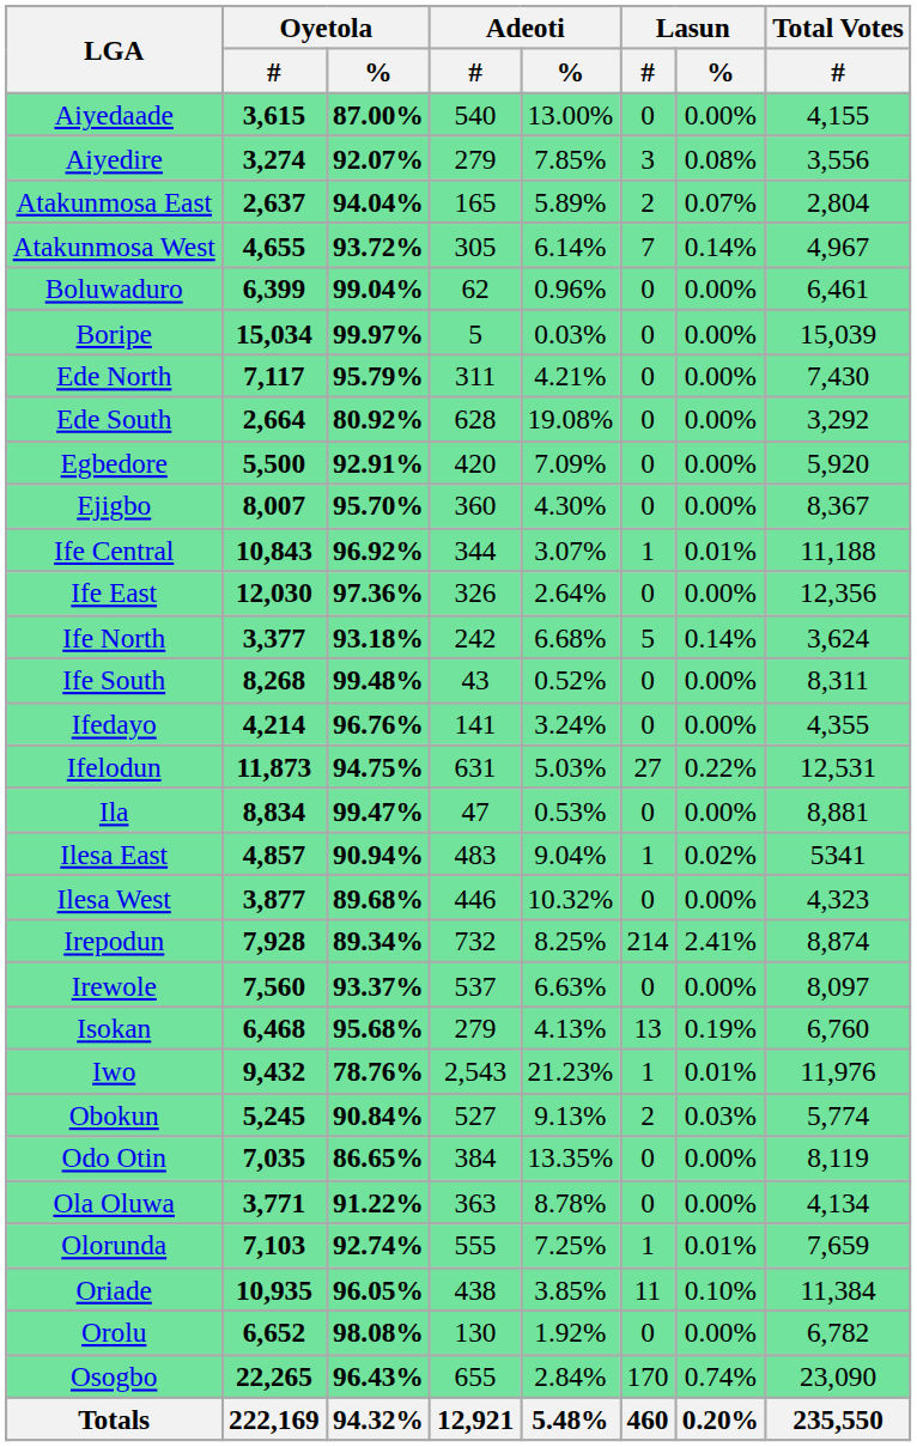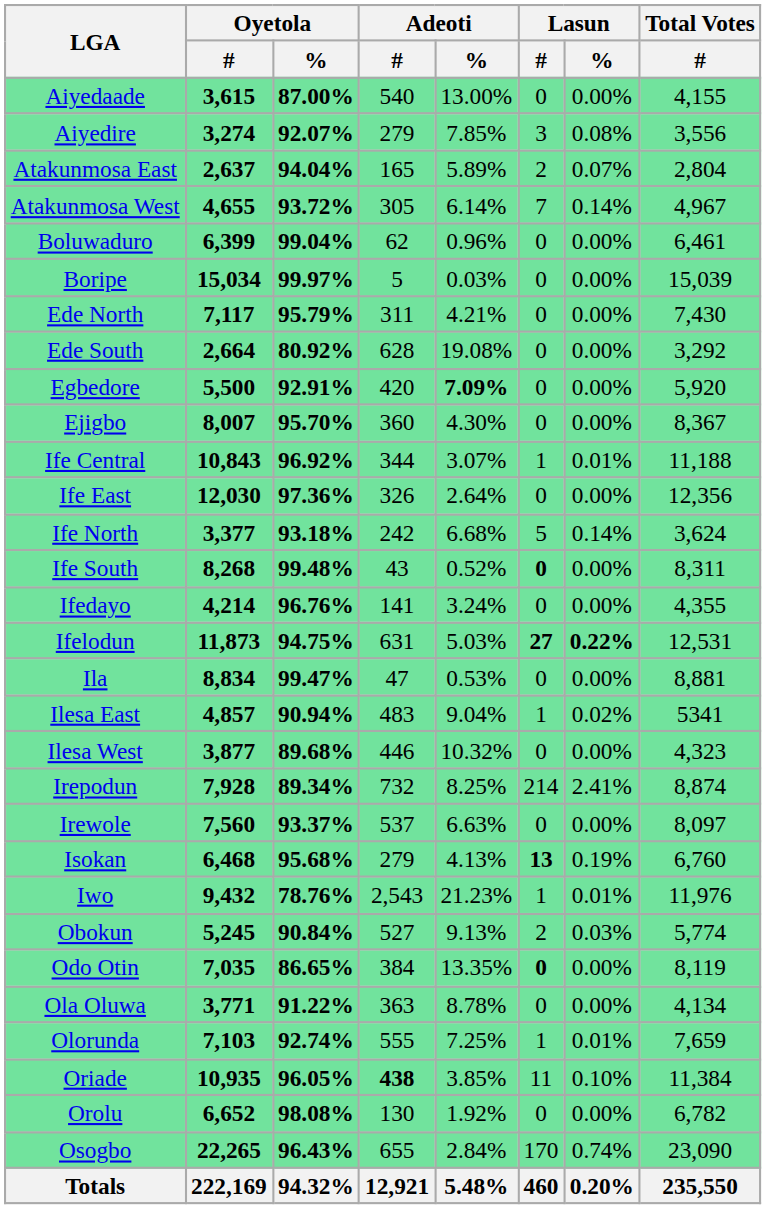 <table class="wikitable sortable" style=" font-size: 70%">
 <tr>
 <th rowspan="2">LGA</th>
 <th colspan="2">Oyetola</th>
 <th colspan="2">Adeoti</th>
 <th colspan="2">Lasun</th>
 <th>Total Votes</th>
 </tr>
 <tr>
 <th>#</th>
 <th>%</th>
 <th>#</th>
 <th>%</th>
 <th>#</th>
 <th>%</th>
 <th>#</th>
 </tr>
 <tr>
 <td bgcolor=#71e39d align="center"><a href='#'>Aiyedaade</a></td>
 <td bgcolor=#71e39d align="center"><strong>3,615</strong></td>
 <td bgcolor=#71e39d align="center"><strong>87.00%</strong></td>
 <td bgcolor=#71e39d align="center">540</td>
 <td bgcolor=#71e39d align="center">13.00%</td>
 <td bgcolor=#71e39d align="center">0</td>
 <td bgcolor=#71e39d align="center">0.00%</td>
 <td bgcolor=#71e39d align="center">4,155</td>
 </tr>
 <tr>
 <td bgcolor=#71e39d align="center"><a href='#'>Aiyedire</a></td>
 <td bgcolor=#71e39d align="center"><strong>3,274</strong></td>
 <td bgcolor=#71e39d align="center"><strong>92.07%</strong></td>
 <td bgcolor=#71e39d align="center">279</td>
 <td bgcolor=#71e39d align="center">7.85%</td>
 <td bgcolor=#71e39d align="center">3</td>
 <td bgcolor=#71e39d align="center">0.08%</td>
 <td bgcolor=#71e39d align="center">3,556</td>
 </tr>
 <tr>
 <td bgcolor=#71e39d align="center"><a href='#'>Atakunmosa East</a></td>
 <td bgcolor=#71e39d align="center"><strong>2,637</strong></td>
 <td bgcolor=#71e39d align="center"><strong>94.04%</strong></td>
 <td bgcolor=#71e39d align="center">165</td>
 <td bgcolor=#71e39d align="center">5.89%</td>
 <td bgcolor=#71e39d align="center">2</td>
 <td bgcolor=#71e39d align="center">0.07%</td>
 <td bgcolor=#71e39d align="center">2,804</td>
 </tr>
 <tr>
 <td bgcolor=#71e39d align="center"><a href='#'>Atakunmosa West</a></td>
 <td bgcolor=#71e39d align="center"><strong>4,655</strong></td>
 <td bgcolor=#71e39d align="center"><strong>93.72%</strong></td>
 <td bgcolor=#71e39d align="center">305</td>
 <td bgcolor=#71e39d align="center">6.14%</td>
 <td bgcolor=#71e39d align="center">7</td>
 <td bgcolor=#71e39d align="center">0.14%</td>
 <td bgcolor=#71e39d align="center">4,967</td>
 </tr>
 <tr>
 <td bgcolor=#71e39d align="center"><a href='#'>Boluwaduro</a></td>
 <td bgcolor=#71e39d align="center"><strong>6,399</strong></td>
 <td bgcolor=#71e39d align="center"><strong>99.04%</strong></td>
 <td bgcolor=#71e39d align="center">62</td>
 <td bgcolor=#71e39d align="center">0.96%</td>
 <td bgcolor=#71e39d align="center">0</td>
 <td bgcolor=#71e39d align="center">0.00%</td>
 <td bgcolor=#71e39d align="center">6,461</td>
 </tr>
 <tr>
 <td bgcolor=#71e39d align="center"><a href='#'>Boripe</a></td>
 <td bgcolor=#71e39d align="center"><strong>15,034</strong></td>
 <td bgcolor=#71e39d align="center"><strong>99.97%</strong></td>
 <td bgcolor=#71e39d align="center">5</td>
 <td bgcolor=#71e39d align="center">0.03%</td>
 <td bgcolor=#71e39d align="center">0</td>
 <td bgcolor=#71e39d align="center">0.00%</td>
 <td bgcolor=#71e39d align="center">15,039</td>
 </tr>
 <tr>
 <td bgcolor=#71e39d align="center"><a href='#'>Ede North</a></td>
 <td bgcolor=#71e39d align="center"><strong>7,117</strong></td>
 <td bgcolor=#71e39d align="center"><strong>95.79%</strong></td>
 <td bgcolor=#71e39d align="center">311</td>
 <td bgcolor=#71e39d align="center">4.21%</td>
 <td bgcolor=#71e39d align="center">0</td>
 <td bgcolor=#71e39d align="center">0.00%</td>
 <td bgcolor=#71e39d align="center">7,430</td>
 </tr>
 <tr>
 <td bgcolor=#71e39d align="center"><a href='#'>Ede South</a></td>
 <td bgcolor=#71e39d align="center"><strong>2,664</strong></td>
 <td bgcolor=#71e39d align="center"><strong>80.92%</strong></td>
 <td bgcolor=#71e39d align="center">628</td>
 <td bgcolor=#71e39d align="center">19.08%</td>
 <td bgcolor=#71e39d align="center">0</td>
 <td bgcolor=#71e39d align="center">0.00%</td>
 <td bgcolor=#71e39d align="center">3,292</td>
 </tr>
 <tr>
 <td bgcolor=#71e39d align="center"><a href='#'>Egbedore</a></td>
 <td bgcolor=#71e39d align="center"><strong>5,500</strong></td>
 <td bgcolor=#71e39d align="center"><strong>92.91%</strong></td>
 <td bgcolor=#71e39d align="center">420</td>
-<td bgcolor=#71e39d align="center">7.09%</td>
+<td bgcolor=#71e39d align="center"><strong>7.09%</strong></td>
 <td bgcolor=#71e39d align="center">0</td>
 <td bgcolor=#71e39d align="center">0.00%</td>
 <td bgcolor=#71e39d align="center">5,920</td>
 </tr>
 <tr>
 <td bgcolor=#71e39d align="center"><a href='#'>Ejigbo</a></td>
 <td bgcolor=#71e39d align="center"><strong>8,007</strong></td>
 <td bgcolor=#71e39d align="center"><strong>95.70%</strong></td>
 <td bgcolor=#71e39d align="center">360</td>
 <td bgcolor=#71e39d align="center">4.30%</td>
 <td bgcolor=#71e39d align="center">0</td>
 <td bgcolor=#71e39d align="center">0.00%</td>
 <td bgcolor=#71e39d align="center">8,367</td>
 </tr>
 <tr>
 <td bgcolor=#71e39d align="center"><a href='#'>Ife Central</a></td>
 <td bgcolor=#71e39d align="center"><strong>10,843</strong></td>
 <td bgcolor=#71e39d align="center"><strong>96.92%</strong></td>
 <td bgcolor=#71e39d align="center">344</td>
 <td bgcolor=#71e39d align="center">3.07%</td>
 <td bgcolor=#71e39d align="center">1</td>
 <td bgcolor=#71e39d align="center">0.01%</td>
 <td bgcolor=#71e39d align="center">11,188</td>
 </tr>
 <tr>
 <td bgcolor=#71e39d align="center"><a href='#'>Ife East</a></td>
 <td bgcolor=#71e39d align="center"><strong>12,030</strong></td>
 <td bgcolor=#71e39d align="center"><strong>97.36%</strong></td>
 <td bgcolor=#71e39d align="center">326</td>
 <td bgcolor=#71e39d align="center">2.64%</td>
 <td bgcolor=#71e39d align="center">0</td>
 <td bgcolor=#71e39d align="center">0.00%</td>
 <td bgcolor=#71e39d align="center">12,356</td>
 </tr>
 <tr>
 <td bgcolor=#71e39d align="center"><a href='#'>Ife North</a></td>
 <td bgcolor=#71e39d align="center"><strong>3,377</strong></td>
 <td bgcolor=#71e39d align="center"><strong>93.18%</strong></td>
 <td bgcolor=#71e39d align="center">242</td>
 <td bgcolor=#71e39d align="center">6.68%</td>
 <td bgcolor=#71e39d align="center">5</td>
 <td bgcolor=#71e39d align="center">0.14%</td>
 <td bgcolor=#71e39d align="center">3,624</td>
 </tr>
 <tr>
 <td bgcolor=#71e39d align="center"><a href='#'>Ife South</a></td>
 <td bgcolor=#71e39d align="center"><strong>8,268</strong></td>
 <td bgcolor=#71e39d align="center"><strong>99.48%</strong></td>
 <td bgcolor=#71e39d align="center">43</td>
 <td bgcolor=#71e39d align="center">0.52%</td>
-<td bgcolor=#71e39d align="center">0</td>
+<td bgcolor=#71e39d align="center"><strong>0</strong></td>
 <td bgcolor=#71e39d align="center">0.00%</td>
 <td bgcolor=#71e39d align="center">8,311</td>
 </tr>
 <tr>
 <td bgcolor=#71e39d align="center"><a href='#'>Ifedayo</a></td>
 <td bgcolor=#71e39d align="center"><strong>4,214</strong></td>
 <td bgcolor=#71e39d align="center"><strong>96.76%</strong></td>
 <td bgcolor=#71e39d align="center">141</td>
 <td bgcolor=#71e39d align="center">3.24%</td>
 <td bgcolor=#71e39d align="center">0</td>
 <td bgcolor=#71e39d align="center">0.00%</td>
 <td bgcolor=#71e39d align="center">4,355</td>
 </tr>
 <tr>
 <td bgcolor=#71e39d align="center"><a href='#'>Ifelodun</a></td>
 <td bgcolor=#71e39d align="center"><strong>11,873</strong></td>
 <td bgcolor=#71e39d align="center"><strong>94.75%</strong></td>
 <td bgcolor=#71e39d align="center">631</td>
 <td bgcolor=#71e39d align="center">5.03%</td>
-<td bgcolor=#71e39d align="center">27</td>
-<td bgcolor=#71e39d align="center">0.22%</td>
+<td bgcolor=#71e39d align="center"><strong>27</strong></td>
+<td bgcolor=#71e39d align="center"><strong>0.22%</strong></td>
 <td bgcolor=#71e39d align="center">12,531</td>
 </tr>
 <tr>
 <td bgcolor=#71e39d align="center"><a href='#'>Ila</a></td>
 <td bgcolor=#71e39d align="center"><strong>8,834</strong></td>
 <td bgcolor=#71e39d align="center"><strong>99.47%</strong></td>
 <td bgcolor=#71e39d align="center">47</td>
 <td bgcolor=#71e39d align="center">0.53%</td>
 <td bgcolor=#71e39d align="center">0</td>
 <td bgcolor=#71e39d align="center">0.00%</td>
 <td bgcolor=#71e39d align="center">8,881</td>
 </tr>
 <tr>
 <td bgcolor=#71e39d align="center"><a href='#'>Ilesa East</a></td>
 <td bgcolor=#71e39d align="center"><strong>4,857</strong></td>
 <td bgcolor=#71e39d align="center"><strong>90.94%</strong></td>
 <td bgcolor=#71e39d align="center">483</td>
 <td bgcolor=#71e39d align="center">9.04%</td>
 <td bgcolor=#71e39d align="center">1</td>
 <td bgcolor=#71e39d align="center">0.02%</td>
 <td bgcolor=#71e39d align="center">5341</td>
 </tr>
 <tr>
 <td bgcolor=#71e39d align="center"><a href='#'>Ilesa West</a></td>
 <td bgcolor=#71e39d align="center"><strong>3,877</strong></td>
 <td bgcolor=#71e39d align="center"><strong>89.68%</strong></td>
 <td bgcolor=#71e39d align="center">446</td>
 <td bgcolor=#71e39d align="center">10.32%</td>
 <td bgcolor=#71e39d align="center">0</td>
 <td bgcolor=#71e39d align="center">0.00%</td>
 <td bgcolor=#71e39d align="center">4,323</td>
 </tr>
 <tr>
 <td bgcolor=#71e39d align="center"><a href='#'>Irepodun</a></td>
 <td bgcolor=#71e39d align="center"><strong>7,928</strong></td>
 <td bgcolor=#71e39d align="center"><strong>89.34%</strong></td>
 <td bgcolor=#71e39d align="center">732</td>
 <td bgcolor=#71e39d align="center">8.25%</td>
 <td bgcolor=#71e39d align="center">214</td>
 <td bgcolor=#71e39d align="center">2.41%</td>
 <td bgcolor=#71e39d align="center">8,874</td>
 </tr>
 <tr>
 <td bgcolor=#71e39d align="center"><a href='#'>Irewole</a></td>
 <td bgcolor=#71e39d align="center"><strong>7,560</strong></td>
 <td bgcolor=#71e39d align="center"><strong>93.37%</strong></td>
 <td bgcolor=#71e39d align="center">537</td>
 <td bgcolor=#71e39d align="center">6.63%</td>
 <td bgcolor=#71e39d align="center">0</td>
 <td bgcolor=#71e39d align="center">0.00%</td>
 <td bgcolor=#71e39d align="center">8,097</td>
 </tr>
 <tr>
 <td bgcolor=#71e39d align="center"><a href='#'>Isokan</a></td>
 <td bgcolor=#71e39d align="center"><strong>6,468</strong></td>
 <td bgcolor=#71e39d align="center"><strong>95.68%</strong></td>
 <td bgcolor=#71e39d align="center">279</td>
 <td bgcolor=#71e39d align="center">4.13%</td>
-<td bgcolor=#71e39d align="center">13</td>
+<td bgcolor=#71e39d align="center"><strong>13</strong></td>
 <td bgcolor=#71e39d align="center">0.19%</td>
 <td bgcolor=#71e39d align="center">6,760</td>
 </tr>
 <tr>
 <td bgcolor=#71e39d align="center"><a href='#'>Iwo</a></td>
 <td bgcolor=#71e39d align="center"><strong>9,432</strong></td>
 <td bgcolor=#71e39d align="center"><strong>78.76%</strong></td>
 <td bgcolor=#71e39d align="center">2,543</td>
 <td bgcolor=#71e39d align="center">21.23%</td>
 <td bgcolor=#71e39d align="center">1</td>
 <td bgcolor=#71e39d align="center">0.01%</td>
 <td bgcolor=#71e39d align="center">11,976</td>
 </tr>
 <tr>
 <td bgcolor=#71e39d align="center"><a href='#'>Obokun</a></td>
 <td bgcolor=#71e39d align="center"><strong>5,245</strong></td>
 <td bgcolor=#71e39d align="center"><strong>90.84%</strong></td>
 <td bgcolor=#71e39d align="center">527</td>
 <td bgcolor=#71e39d align="center">9.13%</td>
 <td bgcolor=#71e39d align="center">2</td>
 <td bgcolor=#71e39d align="center">0.03%</td>
 <td bgcolor=#71e39d align="center">5,774</td>
 </tr>
 <tr>
 <td bgcolor=#71e39d align="center"><a href='#'>Odo Otin</a></td>
 <td bgcolor=#71e39d align="center"><strong>7,035</strong></td>
 <td bgcolor=#71e39d align="center"><strong>86.65%</strong></td>
 <td bgcolor=#71e39d align="center">384</td>
 <td bgcolor=#71e39d align="center">13.35%</td>
-<td bgcolor=#71e39d align="center">0</td>
+<td bgcolor=#71e39d align="center"><strong>0</strong></td>
 <td bgcolor=#71e39d align="center">0.00%</td>
 <td bgcolor=#71e39d align="center">8,119</td>
 </tr>
 <tr>
 <td bgcolor=#71e39d align="center"><a href='#'>Ola Oluwa</a></td>
 <td bgcolor=#71e39d align="center"><strong>3,771</strong></td>
 <td bgcolor=#71e39d align="center"><strong>91.22%</strong></td>
 <td bgcolor=#71e39d align="center">363</td>
 <td bgcolor=#71e39d align="center">8.78%</td>
 <td bgcolor=#71e39d align="center">0</td>
 <td bgcolor=#71e39d align="center">0.00%</td>
 <td bgcolor=#71e39d align="center">4,134</td>
 </tr>
 <tr>
 <td bgcolor=#71e39d align="center"><a href='#'>Olorunda</a></td>
 <td bgcolor=#71e39d align="center"><strong>7,103</strong></td>
 <td bgcolor=#71e39d align="center"><strong>92.74%</strong></td>
 <td bgcolor=#71e39d align="center">555</td>
 <td bgcolor=#71e39d align="center">7.25%</td>
 <td bgcolor=#71e39d align="center">1</td>
 <td bgcolor=#71e39d align="center">0.01%</td>
 <td bgcolor=#71e39d align="center">7,659</td>
 </tr>
 <tr>
 <td bgcolor=#71e39d align="center"><a href='#'>Oriade</a></td>
 <td bgcolor=#71e39d align="center"><strong>10,935</strong></td>
 <td bgcolor=#71e39d align="center"><strong>96.05%</strong></td>
-<td bgcolor=#71e39d align="center">438</td>
+<td bgcolor=#71e39d align="center"><strong>438</strong></td>
 <td bgcolor=#71e39d align="center">3.85%</td>
 <td bgcolor=#71e39d align="center">11</td>
 <td bgcolor=#71e39d align="center">0.10%</td>
 <td bgcolor=#71e39d align="center">11,384</td>
 </tr>
 <tr>
 <td bgcolor=#71e39d align="center"><a href='#'>Orolu</a></td>
 <td bgcolor=#71e39d align="center"><strong>6,652</strong></td>
 <td bgcolor=#71e39d align="center"><strong>98.08%</strong></td>
 <td bgcolor=#71e39d align="center">130</td>
 <td bgcolor=#71e39d align="center">1.92%</td>
 <td bgcolor=#71e39d align="center">0</td>
 <td bgcolor=#71e39d align="center">0.00%</td>
 <td bgcolor=#71e39d align="center">6,782</td>
 </tr>
 <tr>
 <td bgcolor=#71e39d align="center"><a href='#'>Osogbo</a></td>
 <td bgcolor=#71e39d align="center"><strong>22,265</strong></td>
 <td bgcolor=#71e39d align="center"><strong>96.43%</strong></td>
 <td bgcolor=#71e39d align="center">655</td>
 <td bgcolor=#71e39d align="center">2.84%</td>
 <td bgcolor=#71e39d align="center">170</td>
 <td bgcolor=#71e39d align="center">0.74%</td>
 <td bgcolor=#71e39d align="center">23,090</td>
 </tr>
 <tr>
 <th>Totals</th>
 <th><strong>222,169</strong></th>
 <th><strong>94.32%</strong></th>
 <th><strong>12,921</strong></th>
 <th><strong>5.48%</strong></th>
 <th><strong>460</strong></th>
 <th><strong>0.20%</strong></th>
 <th>235,550</th>
 </tr>
 </table>
